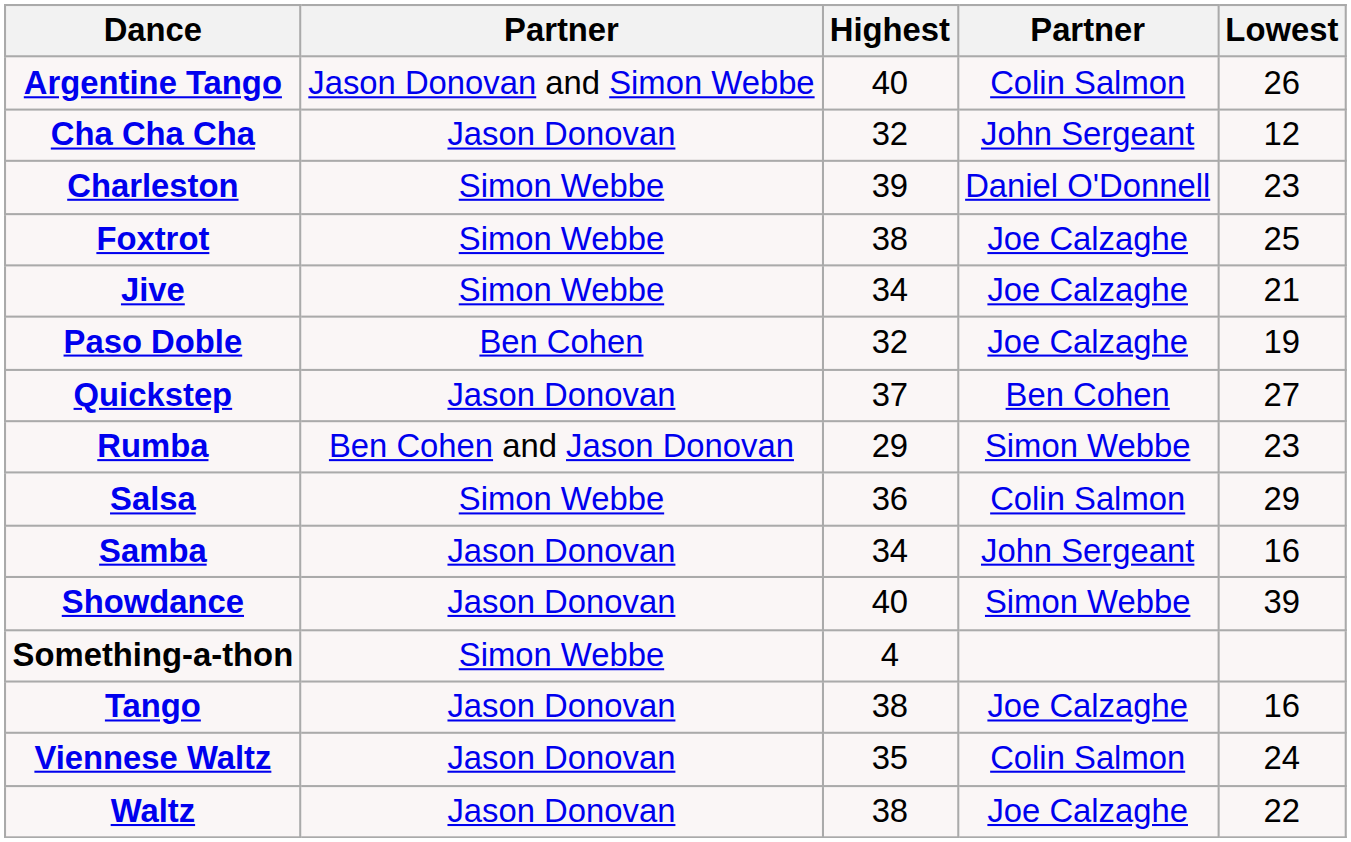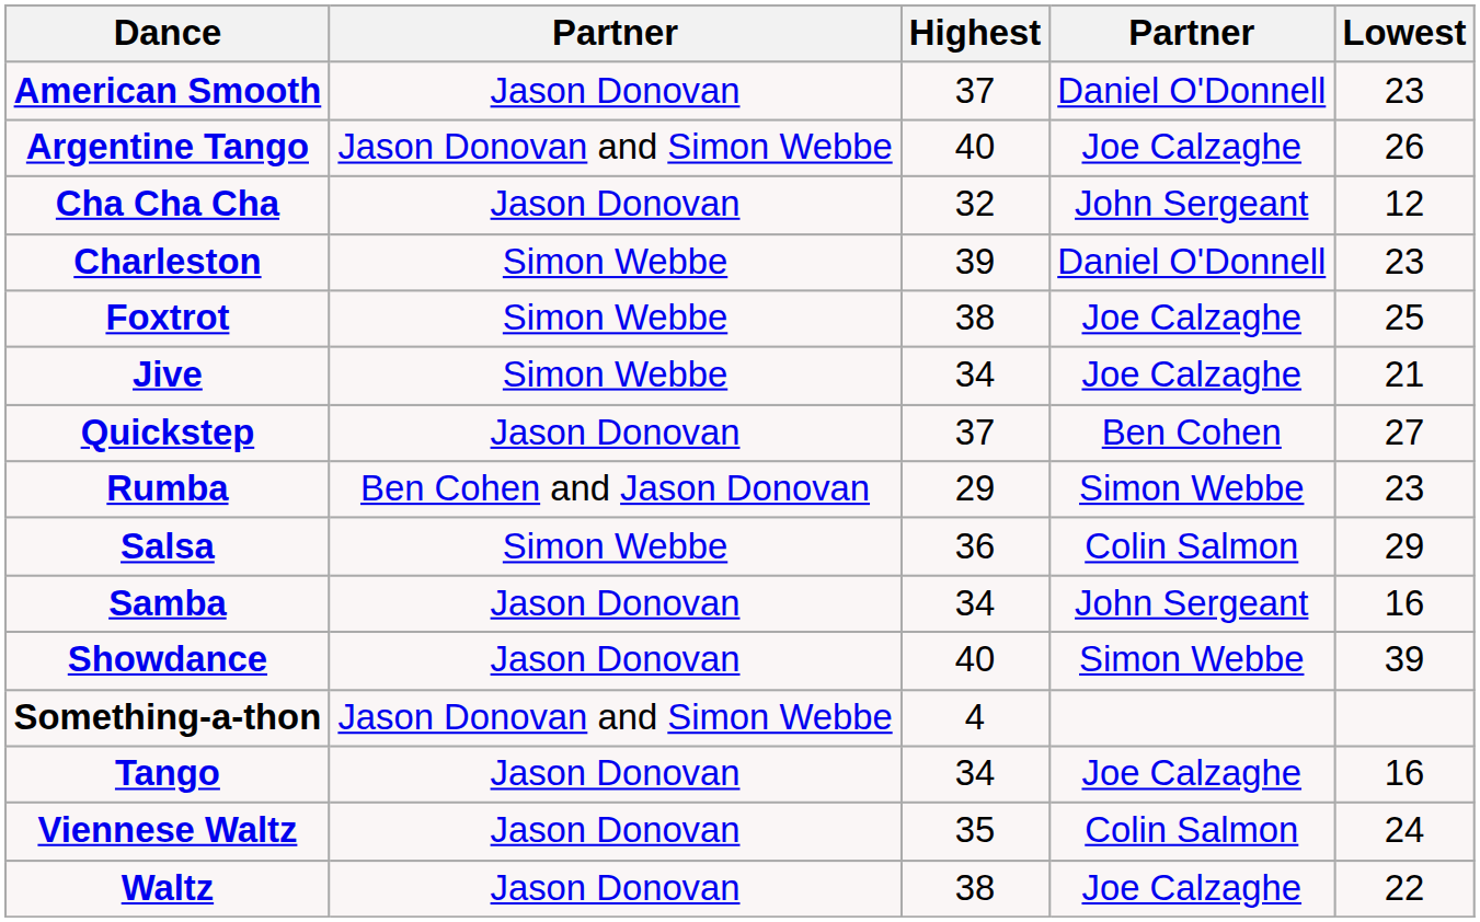 <table class="wikitable sortable collapsed">
 <tr style="text-align:Center; background:#cc;">
 <th>Dance</th>
 <th>Partner</th>
 <th>Highest</th>
 <th>Partner</th>
 <th>Lowest</th>
 </tr>
+<tr style="text-align: center; background:#faf6f6;#">
+<td><strong><a href='#'>American Smooth</a></strong></td>
+<td><a href='#'>Jason Donovan</a></td>
+<td>37</td>
+<td><a href='#'>Daniel O'Donnell</a></td>
+<td>23</td>
+</tr>
 <tr style="text-align: center; background:#faf6f6;">
 <td><strong><a href='#'>Argentine Tango</a></strong></td>
 <td><a href='#'>Jason Donovan</a> and <a href='#'>Simon Webbe</a></td>
 <td>40</td>
-<td><a href='#'>Colin Salmon</a></td>
+<td><a href='#'>Joe Calzaghe</a></td>
 <td>26</td>
 </tr>
 <tr style="text-align: center; background:#faf6f6;">
 <td><strong><a href='#'>Cha Cha Cha</a></strong></td>
 <td><a href='#'>Jason Donovan</a></td>
 <td>32</td>
 <td><a href='#'>John Sergeant</a></td>
 <td>12</td>
 </tr>
 <tr style="text-align: center; background:#faf6f6;">
 <td><strong><a href='#'>Charleston</a></strong></td>
 <td><a href='#'>Simon Webbe</a></td>
 <td>39</td>
 <td><a href='#'>Daniel O'Donnell</a></td>
 <td>23</td>
 </tr>
 <tr style="text-align: center; background:#faf6f6;">
 <td><strong><a href='#'>Foxtrot</a></strong></td>
 <td><a href='#'>Simon Webbe</a></td>
 <td>38</td>
 <td><a href='#'>Joe Calzaghe</a></td>
 <td>25</td>
 </tr>
 <tr style="text-align: center; background:#faf6f6;">
 <td><strong><a href='#'>Jive</a></strong></td>
 <td><a href='#'>Simon Webbe</a></td>
 <td>34</td>
 <td><a href='#'>Joe Calzaghe</a></td>
 <td>21</td>
-</tr>
-<tr style="text-align: center; background:#faf6f6;">
-<td><strong><a href='#'>Paso Doble</a></strong></td>
-<td><a href='#'>Ben Cohen</a></td>
-<td>32</td>
-<td><a href='#'>Joe Calzaghe</a></td>
-<td>19</td>
 </tr>
 <tr style="text-align: center; background:#faf6f6;">
 <td><strong><a href='#'>Quickstep</a></strong></td>
 <td><a href='#'>Jason Donovan</a></td>
 <td>37</td>
 <td><a href='#'>Ben Cohen</a></td>
 <td>27</td>
 </tr>
 <tr style="text-align: center; background:#faf6f6;">
 <td><strong><a href='#'>Rumba</a></strong></td>
 <td><a href='#'>Ben Cohen</a> and <a href='#'>Jason Donovan</a></td>
 <td>29</td>
 <td><a href='#'>Simon Webbe</a></td>
 <td>23</td>
 </tr>
 <tr style="text-align: center; background:#faf6f6;">
 <td><strong><a href='#'>Salsa</a></strong></td>
 <td><a href='#'>Simon Webbe</a></td>
 <td>36</td>
 <td><a href='#'>Colin Salmon</a></td>
 <td>29</td>
 </tr>
 <tr style="text-align: center; background:#faf6f6;">
 <td><strong><a href='#'>Samba</a></strong></td>
 <td><a href='#'>Jason Donovan</a></td>
 <td>34</td>
 <td><a href='#'>John Sergeant</a></td>
 <td>16</td>
 </tr>
 <tr style="text-align: center; background:#faf6f6;">
 <td><strong><a href='#'>Showdance</a></strong></td>
 <td><a href='#'>Jason Donovan</a></td>
 <td>40</td>
 <td><a href='#'>Simon Webbe</a></td>
 <td>39</td>
 </tr>
 <tr style="text-align: center; background:#faf6f6;">
 <td><strong>Something-a-thon</strong></td>
-<td><a href='#'>Simon Webbe</a></td>
+<td><a href='#'>Jason Donovan</a> and <a href='#'>Simon Webbe</a></td>
 <td>4</td>
 <td></td>
 <td></td>
 </tr>
 <tr style="text-align: center; background:#faf6f6;">
 <td><strong><a href='#'>Tango</a></strong></td>
 <td><a href='#'>Jason Donovan</a></td>
-<td>38</td>
+<td>34</td>
 <td><a href='#'>Joe Calzaghe</a></td>
 <td>16</td>
 </tr>
 <tr style="text-align: center; background:#faf6f6;">
 <td><strong><a href='#'>Viennese Waltz</a></strong></td>
 <td><a href='#'>Jason Donovan</a></td>
 <td>35</td>
 <td><a href='#'>Colin Salmon</a></td>
 <td>24</td>
 </tr>
 <tr style="text-align: center; background:#faf6f6;">
 <td><strong><a href='#'>Waltz</a></strong></td>
 <td><a href='#'>Jason Donovan</a></td>
 <td>38</td>
 <td><a href='#'>Joe Calzaghe</a></td>
 <td>22</td>
 </tr>
 </table>
